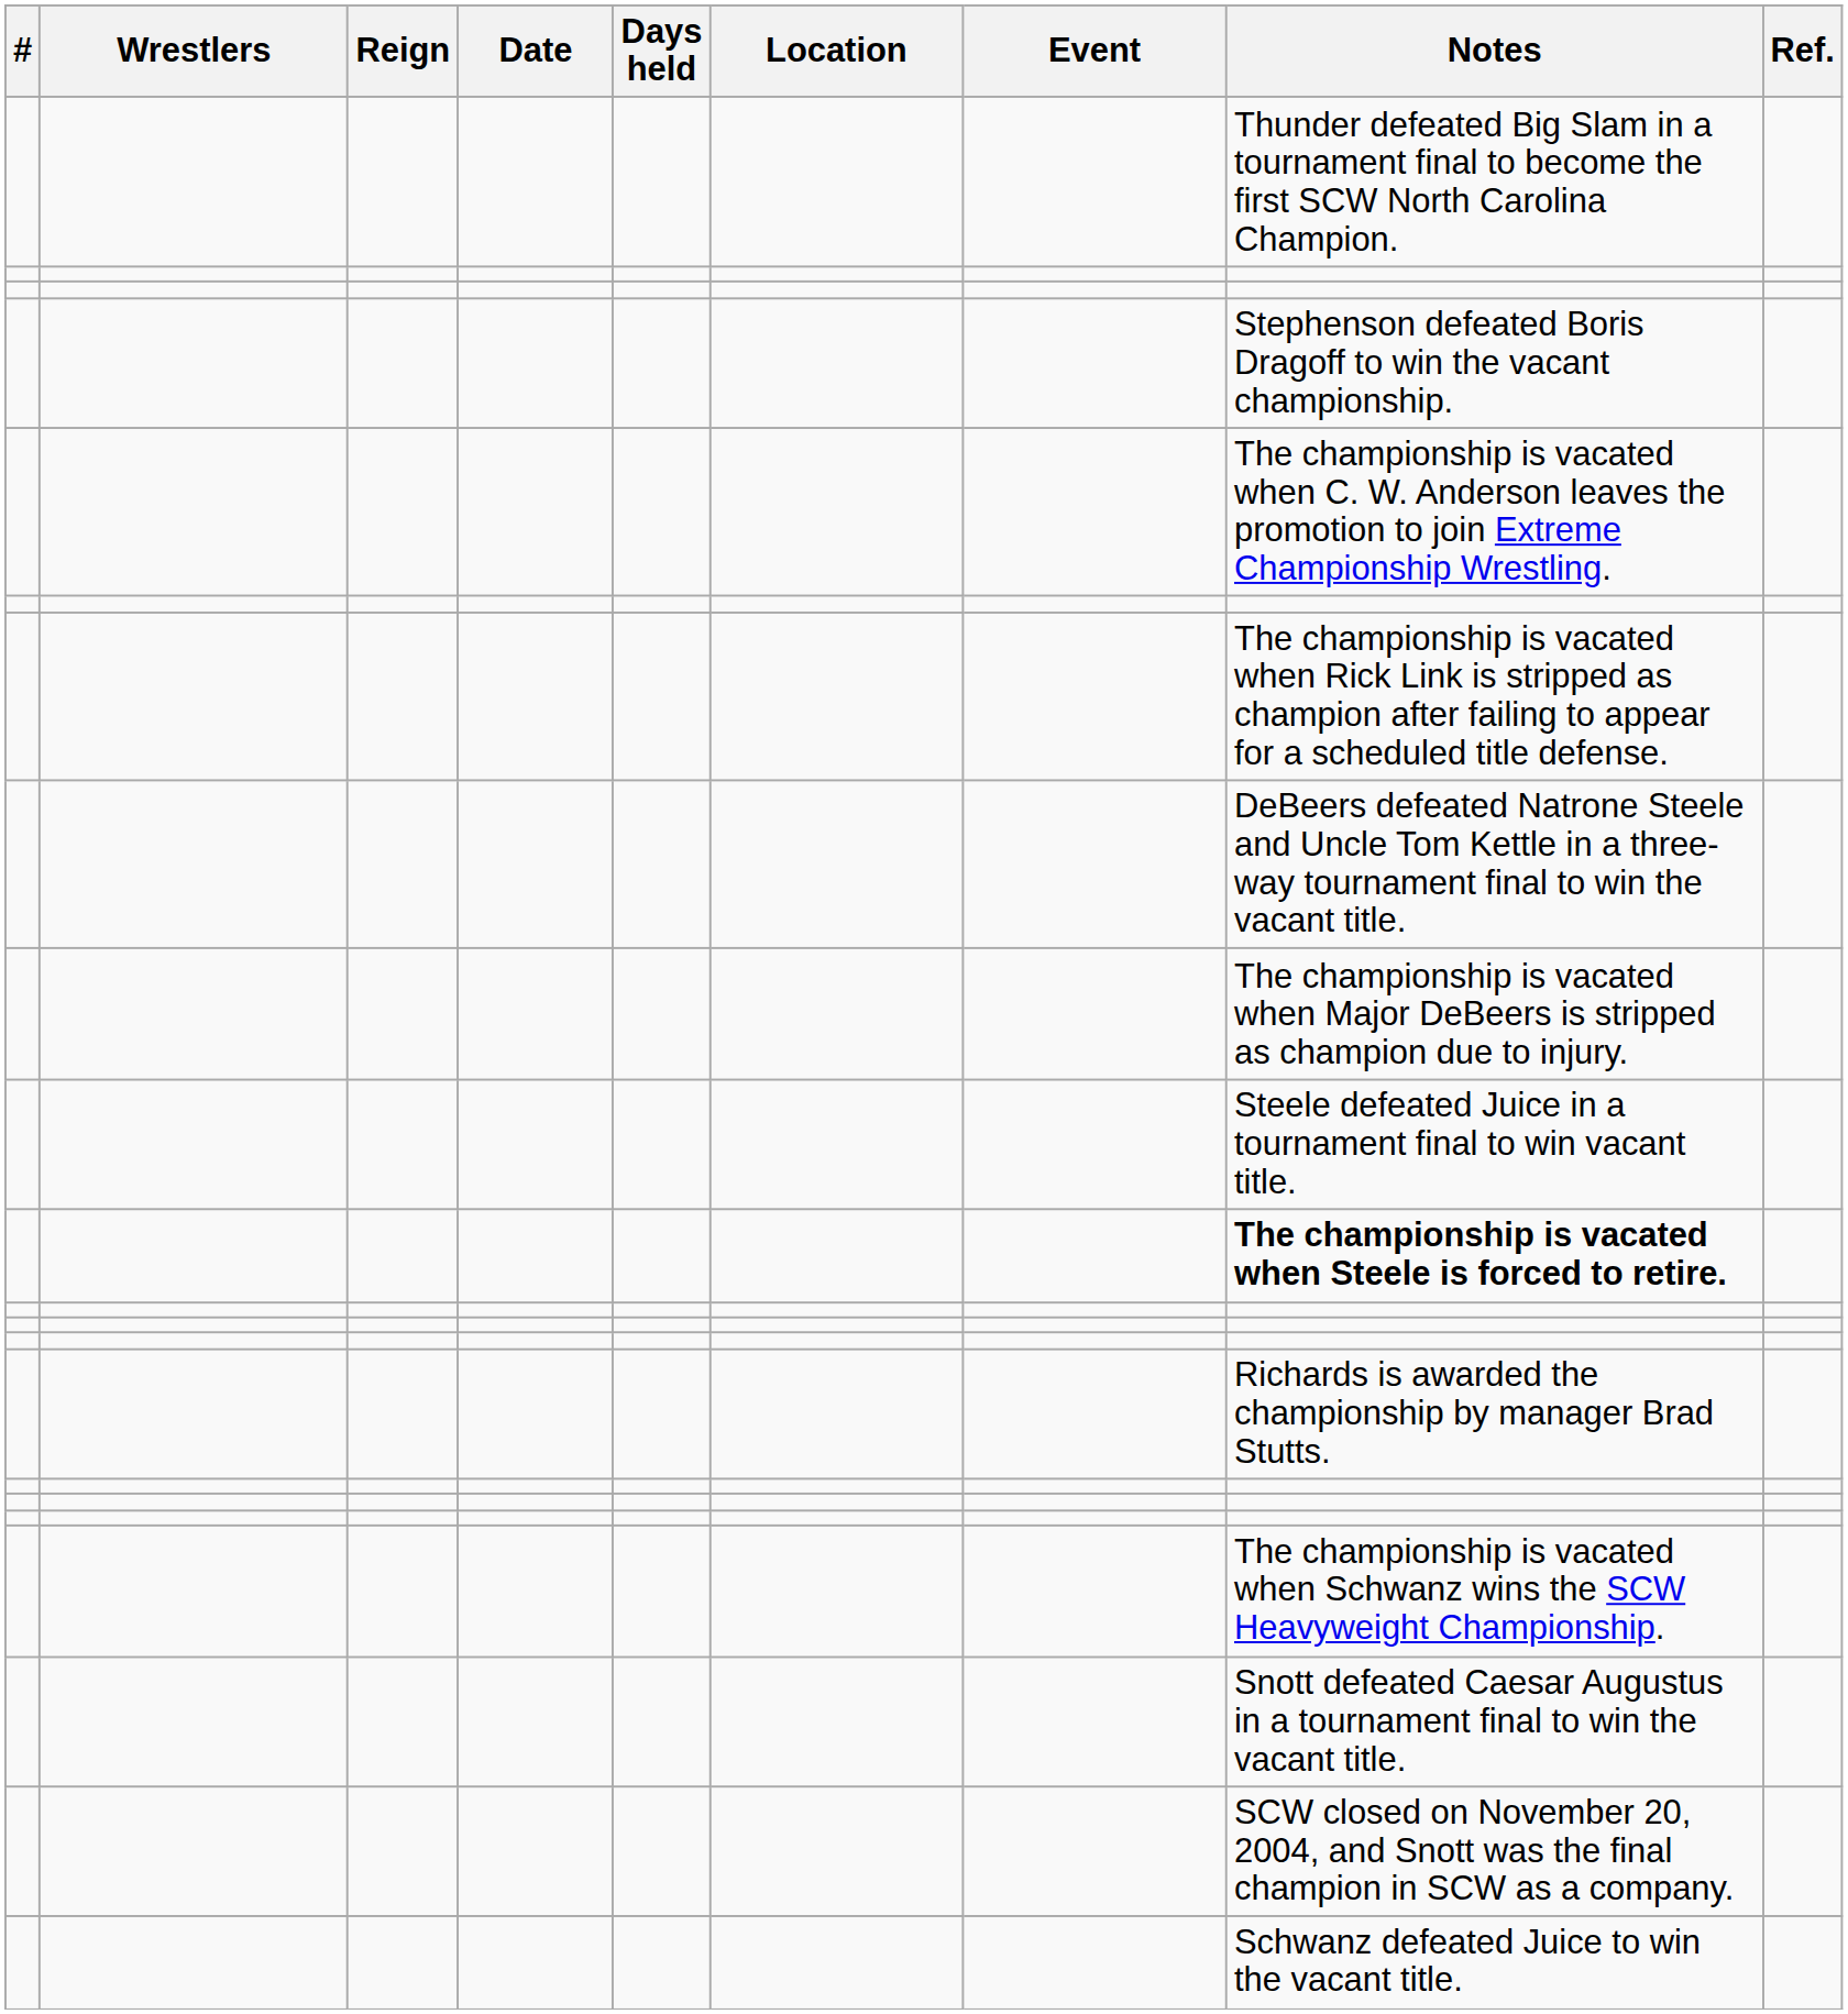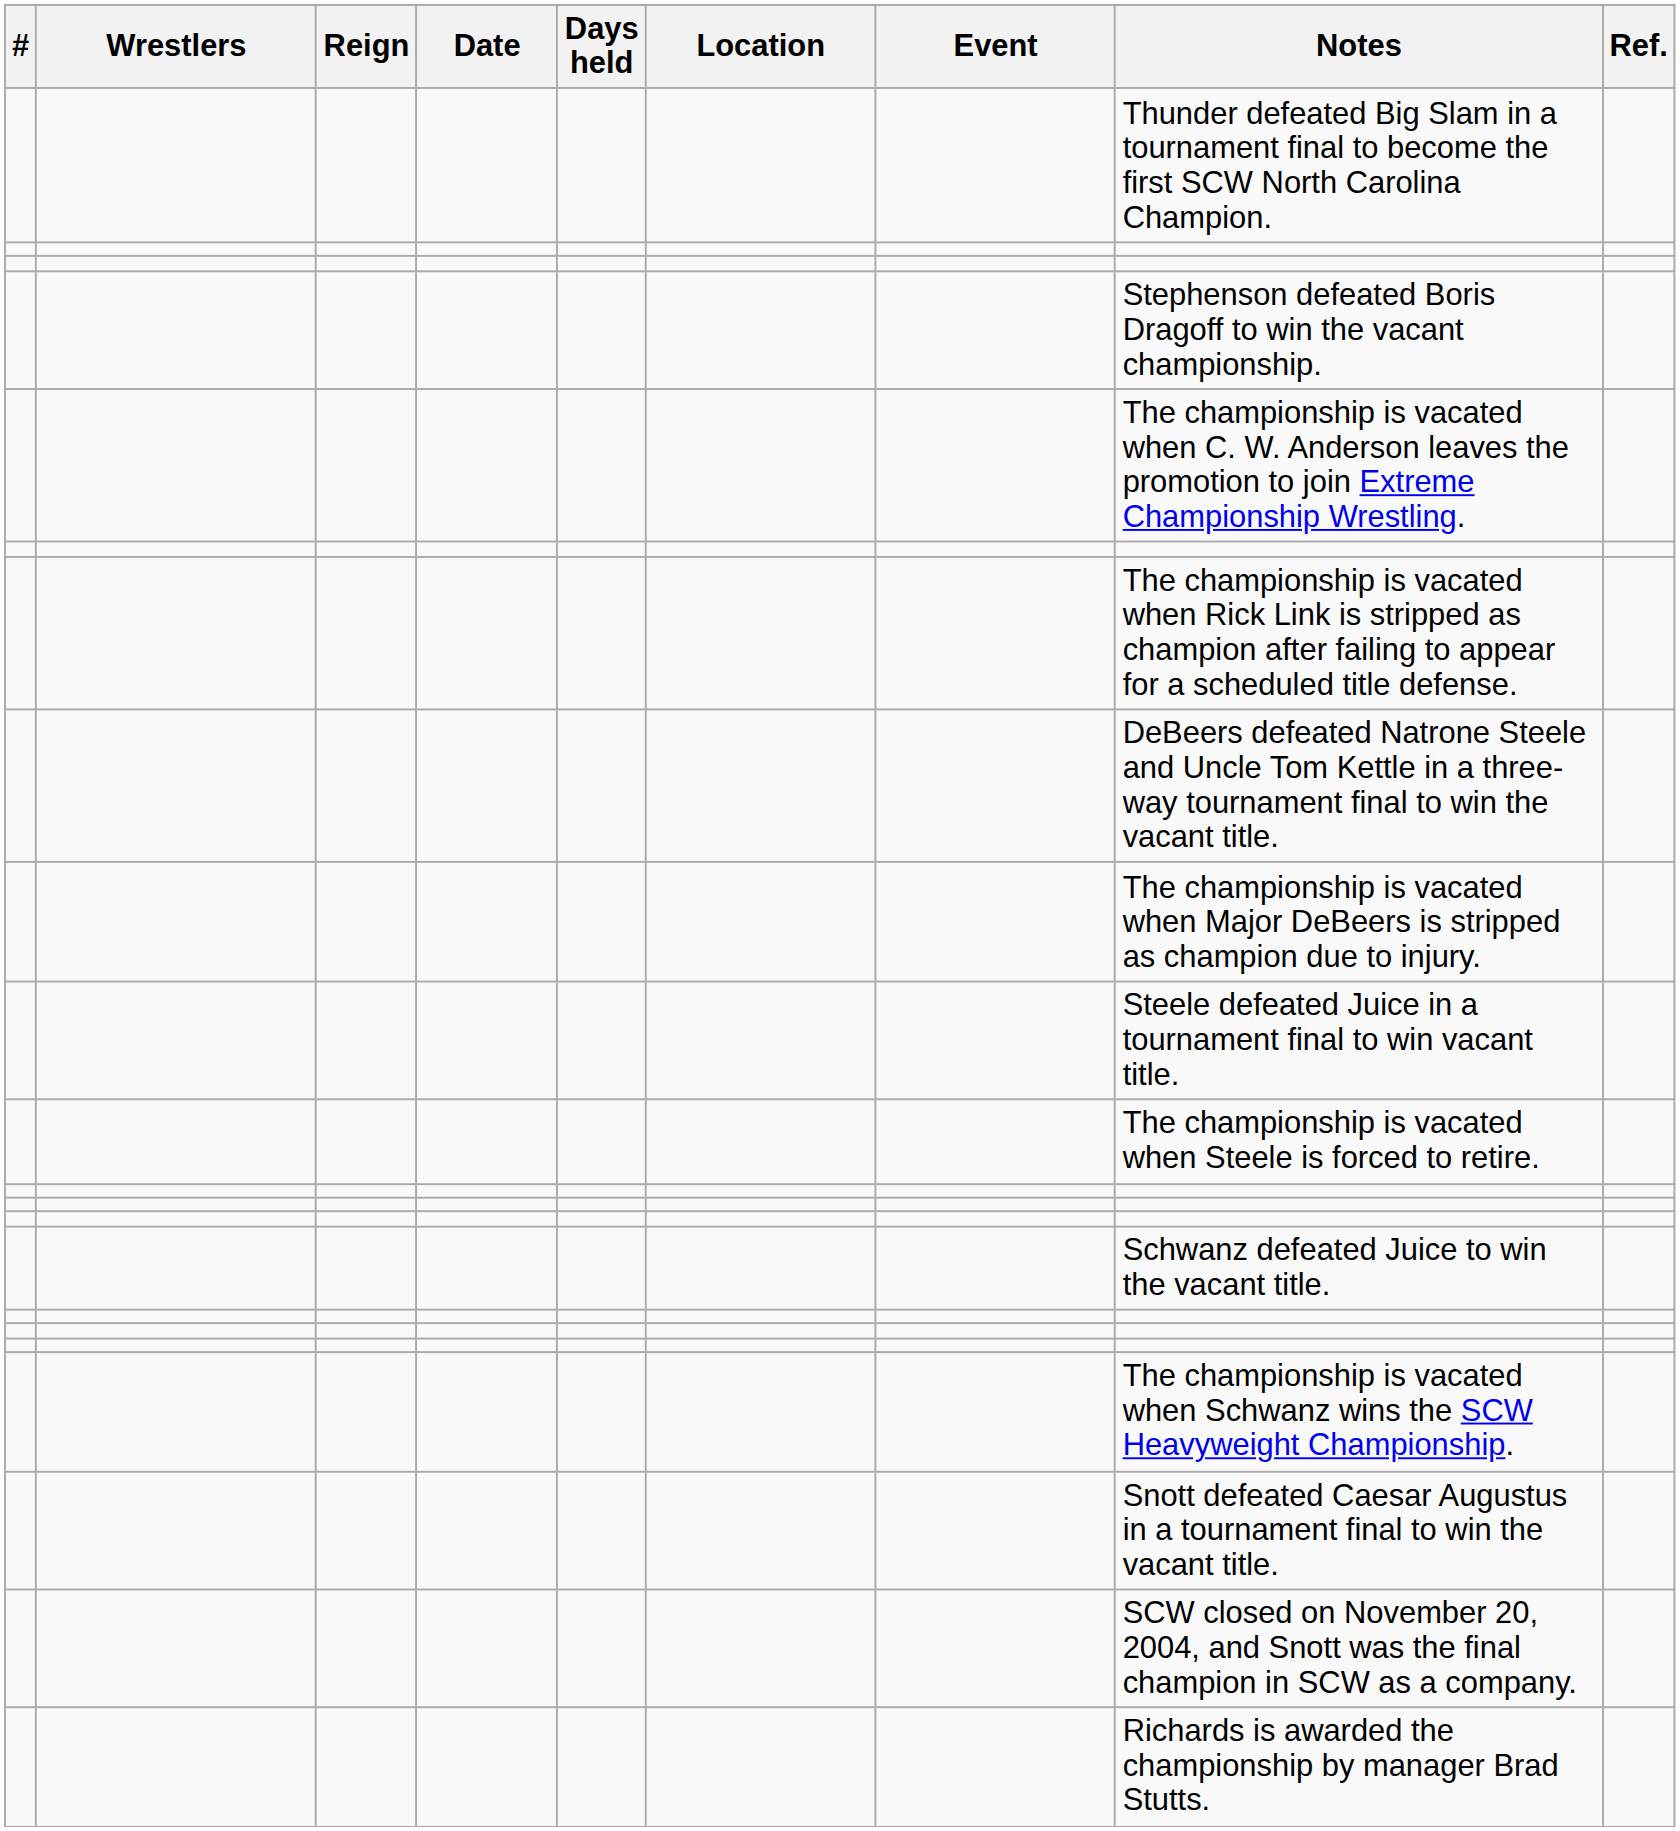 <table class="wikitable sortable" width=98% style="text-align:center;">
 <tr>
 <th width=0%>#</th>
 <th width=20%>Wrestlers</th>
 <th width=0%>Reign</th>
 <th width=10%>Date</th>
 <th width=0%>Days<br>held</th>
 <th width=16%>Location</th>
 <th width=18%>Event</th>
 <th width=60% class="unsortable">Notes</th>
 <th width=0% class="unsortable">Ref.</th>
 </tr>
 <tr>
 <td></td>
 <td></td>
 <td></td>
 <td></td>
 <td></td>
 <td></td>
 <td></td>
 <td align="left">Thunder defeated Big Slam in a tournament final to become the first SCW North Carolina Champion.</td>
 <td align="left"></td>
 </tr>
 <tr>
 <td></td>
 <td></td>
 <td></td>
 <td></td>
 <td></td>
 <td></td>
 <td></td>
 <td align="left"></td>
 <td align="left"></td>
 </tr>
 <tr>
 <td></td>
 <td></td>
 <td></td>
 <td></td>
 <td></td>
 <td></td>
 <td></td>
 <td align="left"></td>
 <td align="left"></td>
 </tr>
 <tr>
 <td></td>
 <td></td>
 <td></td>
 <td></td>
 <td></td>
 <td></td>
 <td></td>
 <td align="left">Stephenson defeated Boris Dragoff to win the vacant championship.</td>
 <td align="left"></td>
 </tr>
 <tr>
 <td></td>
 <td></td>
 <td></td>
 <td></td>
 <td></td>
 <td></td>
 <td></td>
 <td align="left">The championship is vacated when C. W. Anderson leaves the promotion to join <a href='#'>Extreme Championship Wrestling</a>.</td>
 <td align="left"></td>
 </tr>
 <tr>
 <td></td>
 <td></td>
 <td></td>
 <td></td>
 <td></td>
 <td></td>
 <td></td>
 <td align="left"></td>
 <td align="left"></td>
 </tr>
 <tr>
 <td></td>
 <td></td>
 <td></td>
 <td></td>
 <td></td>
 <td></td>
 <td></td>
 <td align="left">The championship is vacated when Rick Link is stripped as champion after failing to appear for a scheduled title defense.</td>
 <td align="left"></td>
 </tr>
 <tr>
 <td></td>
 <td></td>
 <td></td>
 <td></td>
 <td></td>
 <td></td>
 <td></td>
 <td align="left">DeBeers defeated Natrone Steele and Uncle Tom Kettle in a three-way tournament final to win the vacant title.</td>
 <td align="left"></td>
 </tr>
 <tr>
 <td></td>
 <td></td>
 <td></td>
 <td></td>
 <td></td>
 <td></td>
 <td></td>
 <td align="left">The championship is vacated when Major DeBeers is stripped as champion due to injury.</td>
 <td align="left"></td>
 </tr>
 <tr>
 <td></td>
 <td></td>
 <td></td>
 <td></td>
 <td></td>
 <td></td>
 <td></td>
 <td align="left">Steele defeated Juice in a tournament final to win vacant title.</td>
 <td align="left"></td>
 </tr>
 <tr>
 <td></td>
 <td></td>
 <td></td>
 <td></td>
 <td></td>
 <td></td>
 <td></td>
-<td align="left"><strong>The championship is vacated when Steele is forced to retire.</strong></td>
+<td align="left">The championship is vacated when Steele is forced to retire.</td>
 <td align="left"></td>
 </tr>
 <tr>
 <td></td>
 <td></td>
 <td></td>
 <td></td>
 <td></td>
 <td></td>
 <td></td>
 <td align="left"></td>
 <td align="left"></td>
 </tr>
 <tr>
 <td></td>
 <td></td>
 <td></td>
 <td></td>
 <td></td>
 <td></td>
 <td></td>
 <td align="left"></td>
 <td align="left"></td>
 </tr>
 <tr>
 <td></td>
 <td></td>
 <td></td>
 <td></td>
 <td></td>
 <td></td>
 <td></td>
 <td align="left"></td>
 <td align="left"></td>
 </tr>
 <tr>
 <td></td>
 <td></td>
 <td></td>
 <td></td>
 <td></td>
 <td></td>
 <td></td>
-<td align="left">Richards is awarded the championship by manager Brad Stutts.</td>
+<td align="left">Schwanz defeated Juice to win the vacant title.</td>
 <td align="left"></td>
 </tr>
 <tr>
 <td></td>
 <td></td>
 <td></td>
 <td></td>
 <td></td>
 <td></td>
 <td></td>
 <td align="left"></td>
 <td align="left"></td>
 </tr>
 <tr>
 <td></td>
 <td></td>
 <td></td>
 <td></td>
 <td></td>
 <td></td>
 <td></td>
 <td align="left"></td>
 <td align="left"></td>
 </tr>
 <tr>
 <td></td>
 <td></td>
 <td></td>
 <td></td>
 <td></td>
 <td></td>
 <td></td>
 <td align="left"></td>
 <td align="left"></td>
 </tr>
 <tr>
 <td></td>
 <td></td>
 <td></td>
 <td></td>
 <td></td>
 <td></td>
 <td></td>
 <td align="left">The championship is vacated when Schwanz wins the <a href='#'>SCW Heavyweight Championship</a>.</td>
 <td align="left"></td>
 </tr>
 <tr>
 <td></td>
 <td></td>
 <td></td>
 <td></td>
 <td></td>
 <td></td>
 <td></td>
 <td align="left">Snott defeated Caesar Augustus in a tournament final to win the vacant title.</td>
 <td align="left"></td>
 </tr>
 <tr>
 <td></td>
 <td></td>
 <td></td>
 <td></td>
 <td></td>
 <td></td>
 <td></td>
 <td align="left">SCW closed on November 20, 2004, and Snott was the final champion in SCW as a company.</td>
 <td align="left"></td>
 </tr>
 <tr>
 <td></td>
 <td></td>
 <td></td>
 <td></td>
 <td></td>
 <td></td>
 <td></td>
-<td align="left">Schwanz defeated Juice to win the vacant title.</td>
+<td align="left">Richards is awarded the championship by manager Brad Stutts.</td>
 </tr>
 </table>
